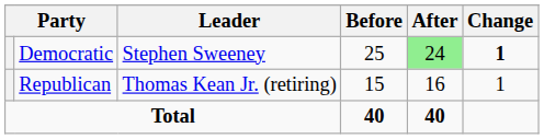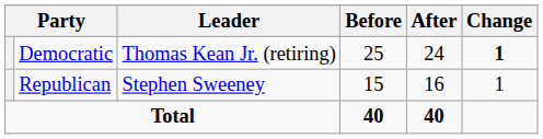 <table class="wikitable" style="text-align:center;">
 <tr>
 </tr>
 <tr>
 <th colspan=2>Party</th>
 <th>Leader</th>
 <th>Before</th>
 <th>After</th>
 <th>Change</th>
 </tr>
 <tr>
 <th style="background-color:"></th>
 <td style="text-align:left;"><a href='#'>Democratic</a></td>
-<td style="text-align:left;"><a href='#'>Stephen Sweeney</a></td>
+<td style="text-align:left;"><a href='#'>Thomas Kean Jr.</a> (retiring)</td>
 <td>25</td>
-<td style="background: lightgreen;">24</td>
+<td>24</td>
 <td><strong> 1</strong></td>
 </tr>
 <tr>
 <th style="background-color:"></th>
 <td style="text-align:left;"><a href='#'>Republican</a></td>
-<td style="text-align:left;"><a href='#'>Thomas Kean Jr.</a> (retiring)</td>
+<td style="text-align:left;"><a href='#'>Stephen Sweeney</a></td>
 <td>15</td>
 <td>16</td>
 <td> 1</td>
 </tr>
 <tr>
 <td colspan=3><strong>Total</strong></td>
 <td><strong>40</strong></td>
 <td><strong>40</strong></td>
 </tr>
 </table>
